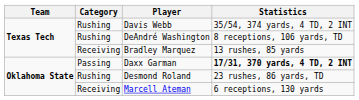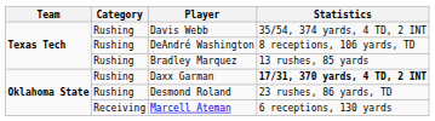 <table class="wikitable" style="float: right;">
 <tr>
 <th>Team</th>
 <th>Category</th>
 <th>Player</th>
 <th>Statistics</th>
 </tr>
 <tr>
 <td rowspan=3><strong>Texas Tech</strong></td>
 <td>Rushing</td>
 <td>Davis Webb</td>
 <td>35/54, 374 yards, 4 TD, 2 INT</td>
 </tr>
 <tr>
 <td>Rushing</td>
 <td>DeAndré Washington</td>
 <td>8 receptions, 106 yards, TD</td>
 </tr>
 <tr>
-<td>Receiving</td>
+<td>Rushing</td>
 <td>Bradley Marquez</td>
 <td>13 rushes, 85 yards</td>
 </tr>
 <tr>
 <td rowspan=3><strong>Oklahoma State</strong></td>
-<td>Passing</td>
+<td>Rushing</td>
 <td>Daxx Garman</td>
 <td><strong>17/31, 370 yards, 4 TD, 2 INT</strong></td>
 </tr>
 <tr>
 <td>Rushing</td>
 <td>Desmond Roland</td>
 <td>23 rushes, 86 yards, TD</td>
 </tr>
 <tr>
 <td>Receiving</td>
 <td><a href='#'>Marcell Ateman</a></td>
 <td>6 receptions, 130 yards</td>
 </tr>
 </table>
